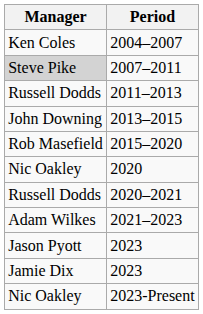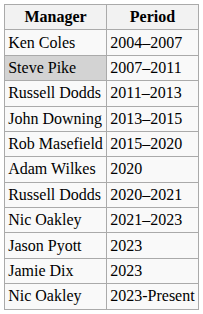 <table class=wikitable>
 <tr>
 <th>Manager</th>
 <th>Period</th>
 </tr>
 <tr>
 <td> Ken Coles</td>
 <td>2004–2007</td>
 </tr>
 <tr>
 <td style="background: lightgrey;"> Steve Pike</td>
 <td>2007–2011</td>
 </tr>
 <tr>
 <td> Russell Dodds</td>
 <td>2011–2013</td>
 </tr>
 <tr>
 <td> John Downing</td>
 <td>2013–2015</td>
 </tr>
 <tr>
 <td> Rob Masefield</td>
 <td>2015–2020</td>
 </tr>
 <tr>
-<td> Nic Oakley</td>
+<td> Adam Wilkes</td>
 <td>2020</td>
 </tr>
 <tr>
 <td> Russell Dodds</td>
 <td>2020–2021</td>
 </tr>
 <tr>
-<td> Adam Wilkes</td>
+<td> Nic Oakley</td>
 <td>2021–2023</td>
 </tr>
 <tr>
 <td> Jason Pyott</td>
 <td>2023</td>
 </tr>
 <tr>
 <td> Jamie Dix</td>
 <td>2023</td>
 </tr>
 <tr>
 <td> Nic Oakley</td>
 <td>2023-Present</td>
 </tr>
 </table>
